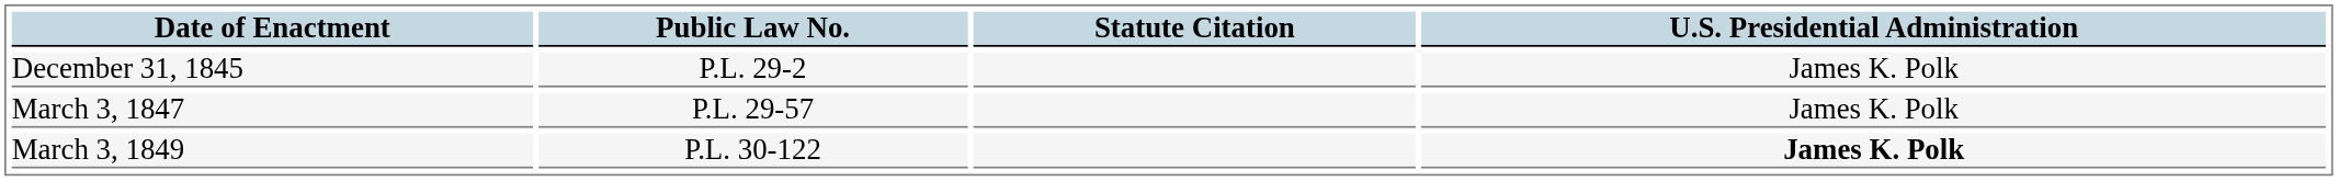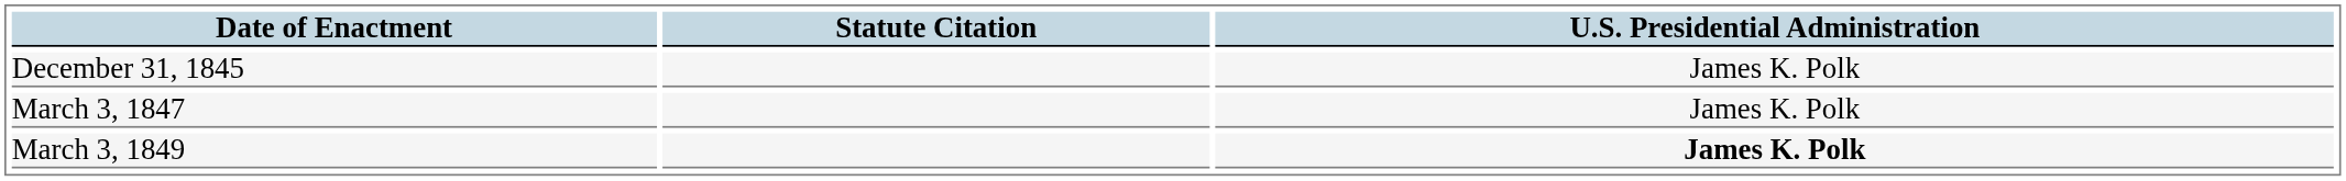 <table style="border:1px solid gray; align:left; width:100%" cellspacing=3 cellpadding=0>
 <tr style="font-weight:bold; text-align:center; background:#c4d8e2; color:black;">
 <th style=" border-bottom:1.5px solid black">Date of Enactment</th>
-<th style=" border-bottom:1.5px solid black">Public Law No.</th>
 <th style=" border-bottom:1.5px solid black">Statute Citation</th>
 <th style=" border-bottom:1.5px solid black">U.S. Presidential Administration</th>
 </tr>
 <tr>
 <td style="border-bottom:1px solid gray; background:#F5F5F5;">December 31, 1845</td>
-<td style="border-bottom:1px solid gray; background:#F5F5F5; text-align:center;">P.L. 29-2</td>
 <td style="border-bottom:1px solid gray; background:#F5F5F5; text-align:center;"></td>
 <td style="border-bottom:1px solid gray; background:#F5F5F5; text-align:center;">James K. Polk</td>
 </tr>
 <tr>
 <td style="border-bottom:1px solid gray; background:#F5F5F5;">March 3, 1847</td>
-<td style="border-bottom:1px solid gray; background:#F5F5F5; text-align:center;">P.L. 29-57</td>
 <td style="border-bottom:1px solid gray; background:#F5F5F5; text-align:center;"></td>
 <td style="border-bottom:1px solid gray; background:#F5F5F5; text-align:center;">James K. Polk</td>
 </tr>
 <tr>
 <td style="border-bottom:1px solid gray; background:#F5F5F5;">March 3, 1849</td>
-<td style="border-bottom:1px solid gray; background:#F5F5F5; text-align:center;">P.L. 30-122</td>
 <td style="border-bottom:1px solid gray; background:#F5F5F5; text-align:center;"></td>
 <td style="border-bottom:1px solid gray; background:#F5F5F5; text-align:center;"><strong>James K. Polk</strong></td>
 </tr>
 </table>
